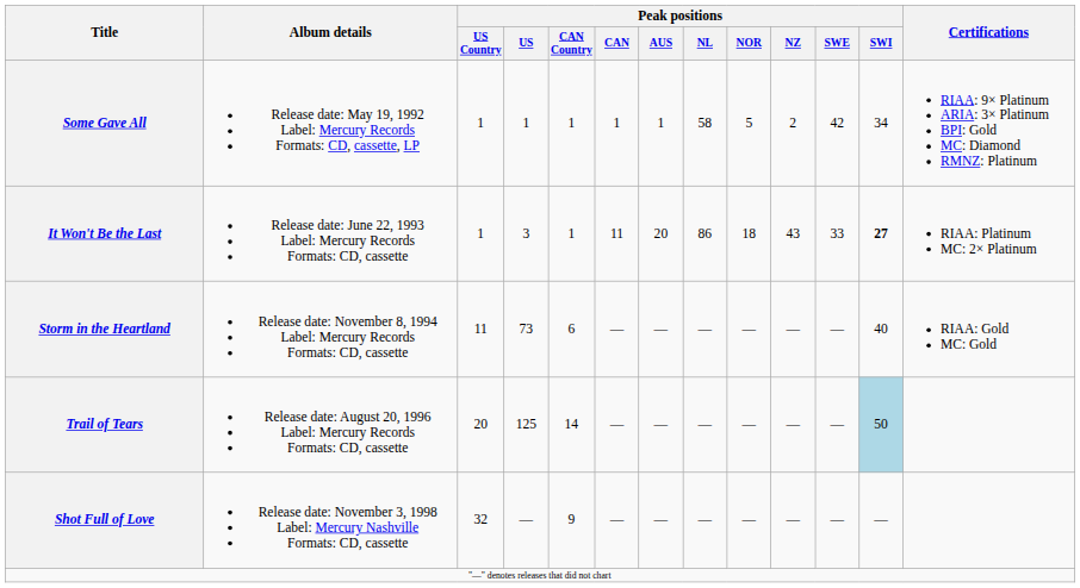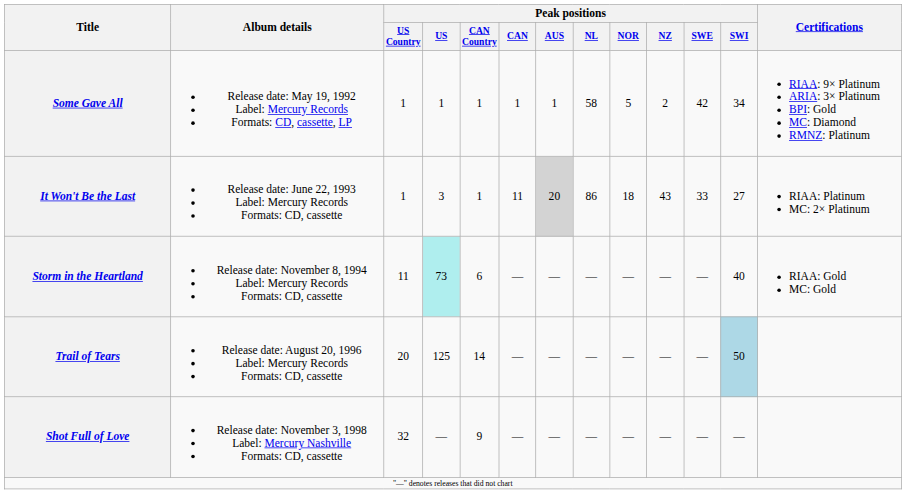 <table class="wikitable plainrowheaders" style="text-align:center;">
 <tr>
 <th rowspan="2" style="width:14em;">Title</th>
 <th rowspan="2" style="width:18em;">Album details</th>
 <th colspan="10">Peak positions</th>
 <th rowspan="2" style="width:12em;"><a href='#'>Certifications</a></th>
 </tr>
 <tr style="font-size:smaller;">
 <th style="width:45px;"><a href='#'>US Country</a><br></th>
 <th style="width:45px;"><a href='#'>US</a><br></th>
 <th style="width:45px;"><a href='#'>CAN Country</a><br></th>
 <th style="width:45px;"><a href='#'>CAN</a><br></th>
 <th style="width:45px;"><a href='#'>AUS</a><br></th>
 <th style="width:45px;"><a href='#'>NL</a><br></th>
 <th style="width:45px;"><a href='#'>NOR</a><br></th>
 <th style="width:45px;"><a href='#'>NZ</a><br></th>
 <th style="width:45px;"><a href='#'>SWE</a><br></th>
 <th style="width:45px;"><a href='#'>SWI</a><br></th>
 </tr>
 <tr>
 <th scope="row"><em><a href='#'>Some Gave All</a></em></th>
 <td><br><ul><li>Release date: May 19, 1992</li><li>Label: <a href='#'>Mercury Records</a></li><li>Formats: <a href='#'>CD</a>, <a href='#'>cassette</a>, <a href='#'>LP</a></li></ul></td>
 <td>1</td>
 <td>1</td>
 <td>1</td>
 <td>1</td>
 <td>1</td>
 <td>58</td>
 <td>5</td>
 <td>2</td>
 <td>42</td>
 <td>34</td>
 <td style="text-align:left;"><br><ul><li><a href='#'>RIAA</a>: 9× Platinum</li><li><a href='#'>ARIA</a>: 3× Platinum</li><li><a href='#'>BPI</a>: Gold</li><li><a href='#'>MC</a>: Diamond</li><li><a href='#'>RMNZ</a>: Platinum</li></ul></td>
 </tr>
 <tr>
 <th scope="row"><em><a href='#'>It Won't Be the Last</a></em></th>
 <td><br><ul><li>Release date: June 22, 1993</li><li>Label: Mercury Records</li><li>Formats: CD, cassette</li></ul></td>
 <td>1</td>
 <td>3</td>
 <td>1</td>
 <td>11</td>
-<td>20</td>
+<td style="background: lightgrey;">20</td>
 <td>86</td>
 <td>18</td>
 <td>43</td>
 <td>33</td>
-<td><strong>27</strong></td>
+<td>27</td>
 <td style="text-align:left;"><br><ul><li>RIAA: Platinum</li><li>MC: 2× Platinum</li></ul></td>
 </tr>
 <tr>
 <th scope="row"><em><a href='#'>Storm in the Heartland</a></em></th>
 <td><br><ul><li>Release date: November 8, 1994</li><li>Label: Mercury Records</li><li>Formats: CD, cassette</li></ul></td>
 <td>11</td>
-<td>73</td>
+<td style="background: paleturquoise;">73</td>
 <td>6</td>
 <td>—</td>
 <td>—</td>
 <td>—</td>
 <td>—</td>
 <td>—</td>
 <td>—</td>
 <td>40</td>
 <td style="text-align:left;"><br><ul><li>RIAA: Gold</li><li>MC: Gold</li></ul></td>
 </tr>
 <tr>
 <th scope="row"><em><a href='#'>Trail of Tears</a></em></th>
 <td><br><ul><li>Release date: August 20, 1996</li><li>Label: Mercury Records</li><li>Formats: CD, cassette</li></ul></td>
 <td>20</td>
 <td>125</td>
 <td>14</td>
 <td>—</td>
 <td>—</td>
 <td>—</td>
 <td>—</td>
 <td>—</td>
 <td>—</td>
 <td style="background: lightblue;">50</td>
 <td></td>
 </tr>
 <tr>
 <th scope="row"><em><a href='#'>Shot Full of Love</a></em></th>
 <td><br><ul><li>Release date: November 3, 1998</li><li>Label: <a href='#'>Mercury Nashville</a></li><li>Formats: CD, cassette</li></ul></td>
 <td>32</td>
 <td>—</td>
 <td>9</td>
 <td>—</td>
 <td>—</td>
 <td>—</td>
 <td>—</td>
 <td>—</td>
 <td>—</td>
 <td>—</td>
 <td></td>
 </tr>
 <tr>
 <td colspan="13" style="font-size:8pt">"—" denotes releases that did not chart</td>
 </tr>
 </table>
